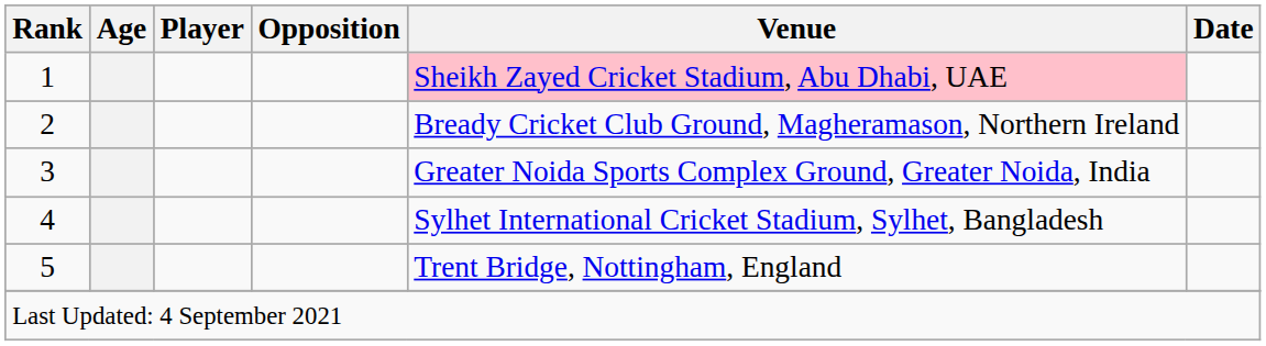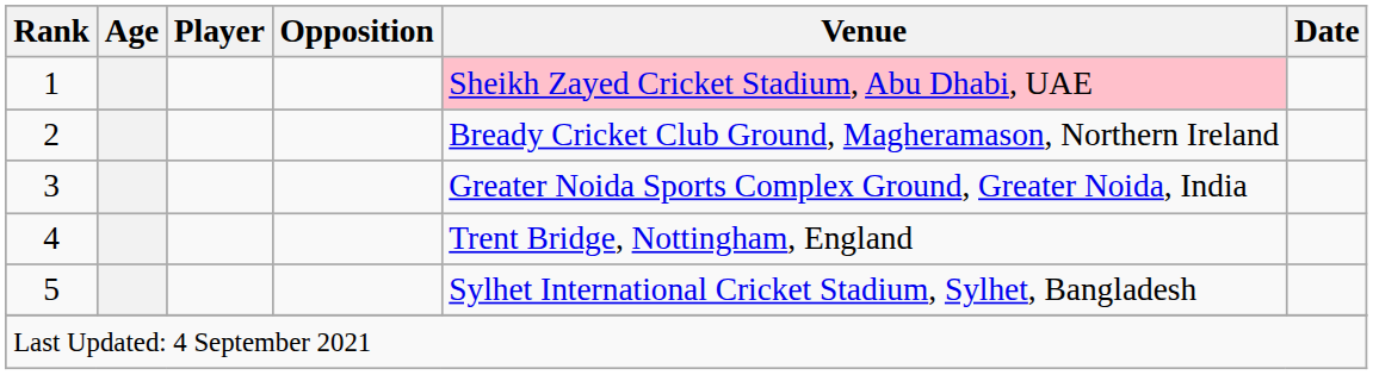 <table class="wikitable plainrowheaders sortable">
 <tr>
 <th scope=col>Rank</th>
 <th scope=col>Age</th>
 <th scope=col>Player</th>
 <th scope=col>Opposition</th>
 <th scope=col>Venue</th>
 <th scope=col>Date</th>
 </tr>
 <tr>
 <td align=center>1</td>
 <th scope=row style=text-align:center;></th>
 <td></td>
 <td></td>
 <td style="background: pink;"><a href='#'>Sheikh Zayed Cricket Stadium</a>, <a href='#'>Abu Dhabi</a>, UAE</td>
 <td></td>
 </tr>
 <tr>
 <td align=center>2</td>
 <th scope=row style=text-align:center;></th>
 <td></td>
 <td></td>
 <td><a href='#'>Bready Cricket Club Ground</a>, <a href='#'>Magheramason</a>, Northern Ireland</td>
 <td></td>
 </tr>
 <tr>
 <td align=center>3</td>
 <th scope=row style=text-align:center;></th>
 <td></td>
 <td></td>
 <td><a href='#'>Greater Noida Sports Complex Ground</a>, <a href='#'>Greater Noida</a>, India</td>
 <td></td>
 </tr>
 <tr>
 <td align=center>4</td>
 <th scope=row style=text-align:center;></th>
 <td></td>
 <td></td>
-<td><a href='#'>Sylhet International Cricket Stadium</a>, <a href='#'>Sylhet</a>, Bangladesh</td>
+<td><a href='#'>Trent Bridge</a>, <a href='#'>Nottingham</a>, England</td>
 <td> </td>
 </tr>
 <tr>
 <td align=center>5</td>
 <th scope=row style=text-align:center;></th>
 <td></td>
 <td></td>
-<td><a href='#'>Trent Bridge</a>, <a href='#'>Nottingham</a>, England</td>
+<td><a href='#'>Sylhet International Cricket Stadium</a>, <a href='#'>Sylhet</a>, Bangladesh</td>
 <td> </td>
 </tr>
 <tr>
 </tr>
 <tr class=sortbottom>
 <td colspan=7><small>Last Updated: 4 September 2021</small></td>
 </tr>
 </table>
